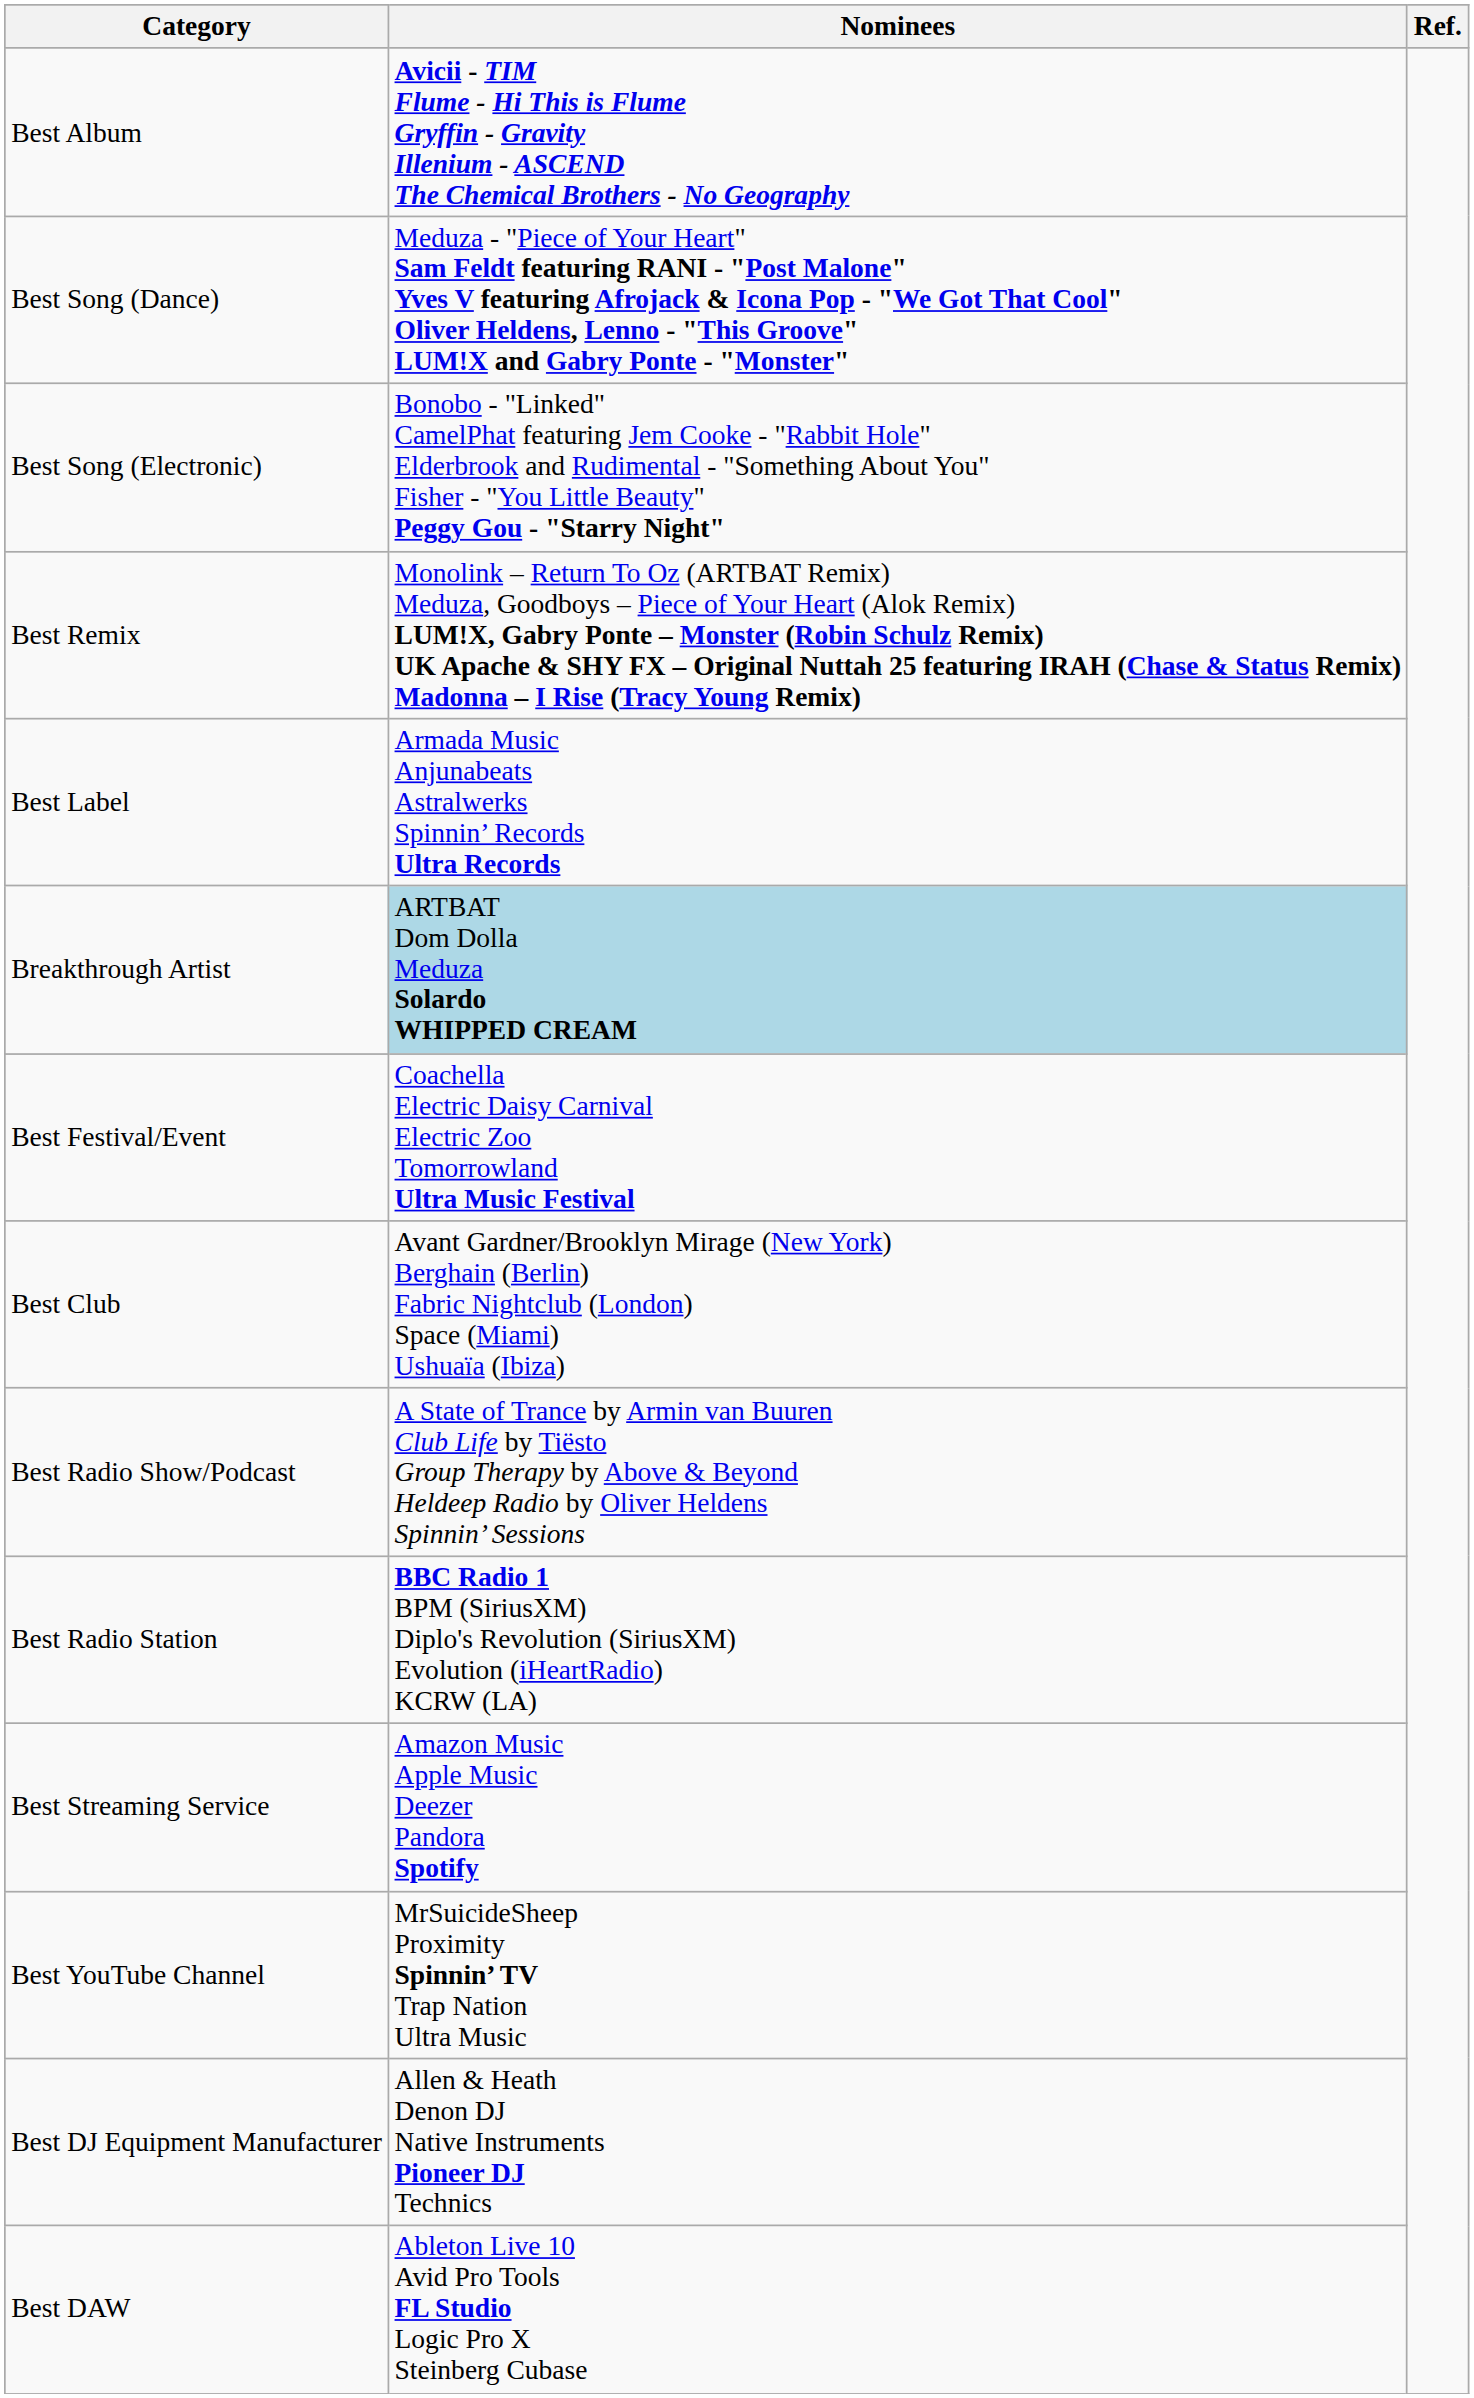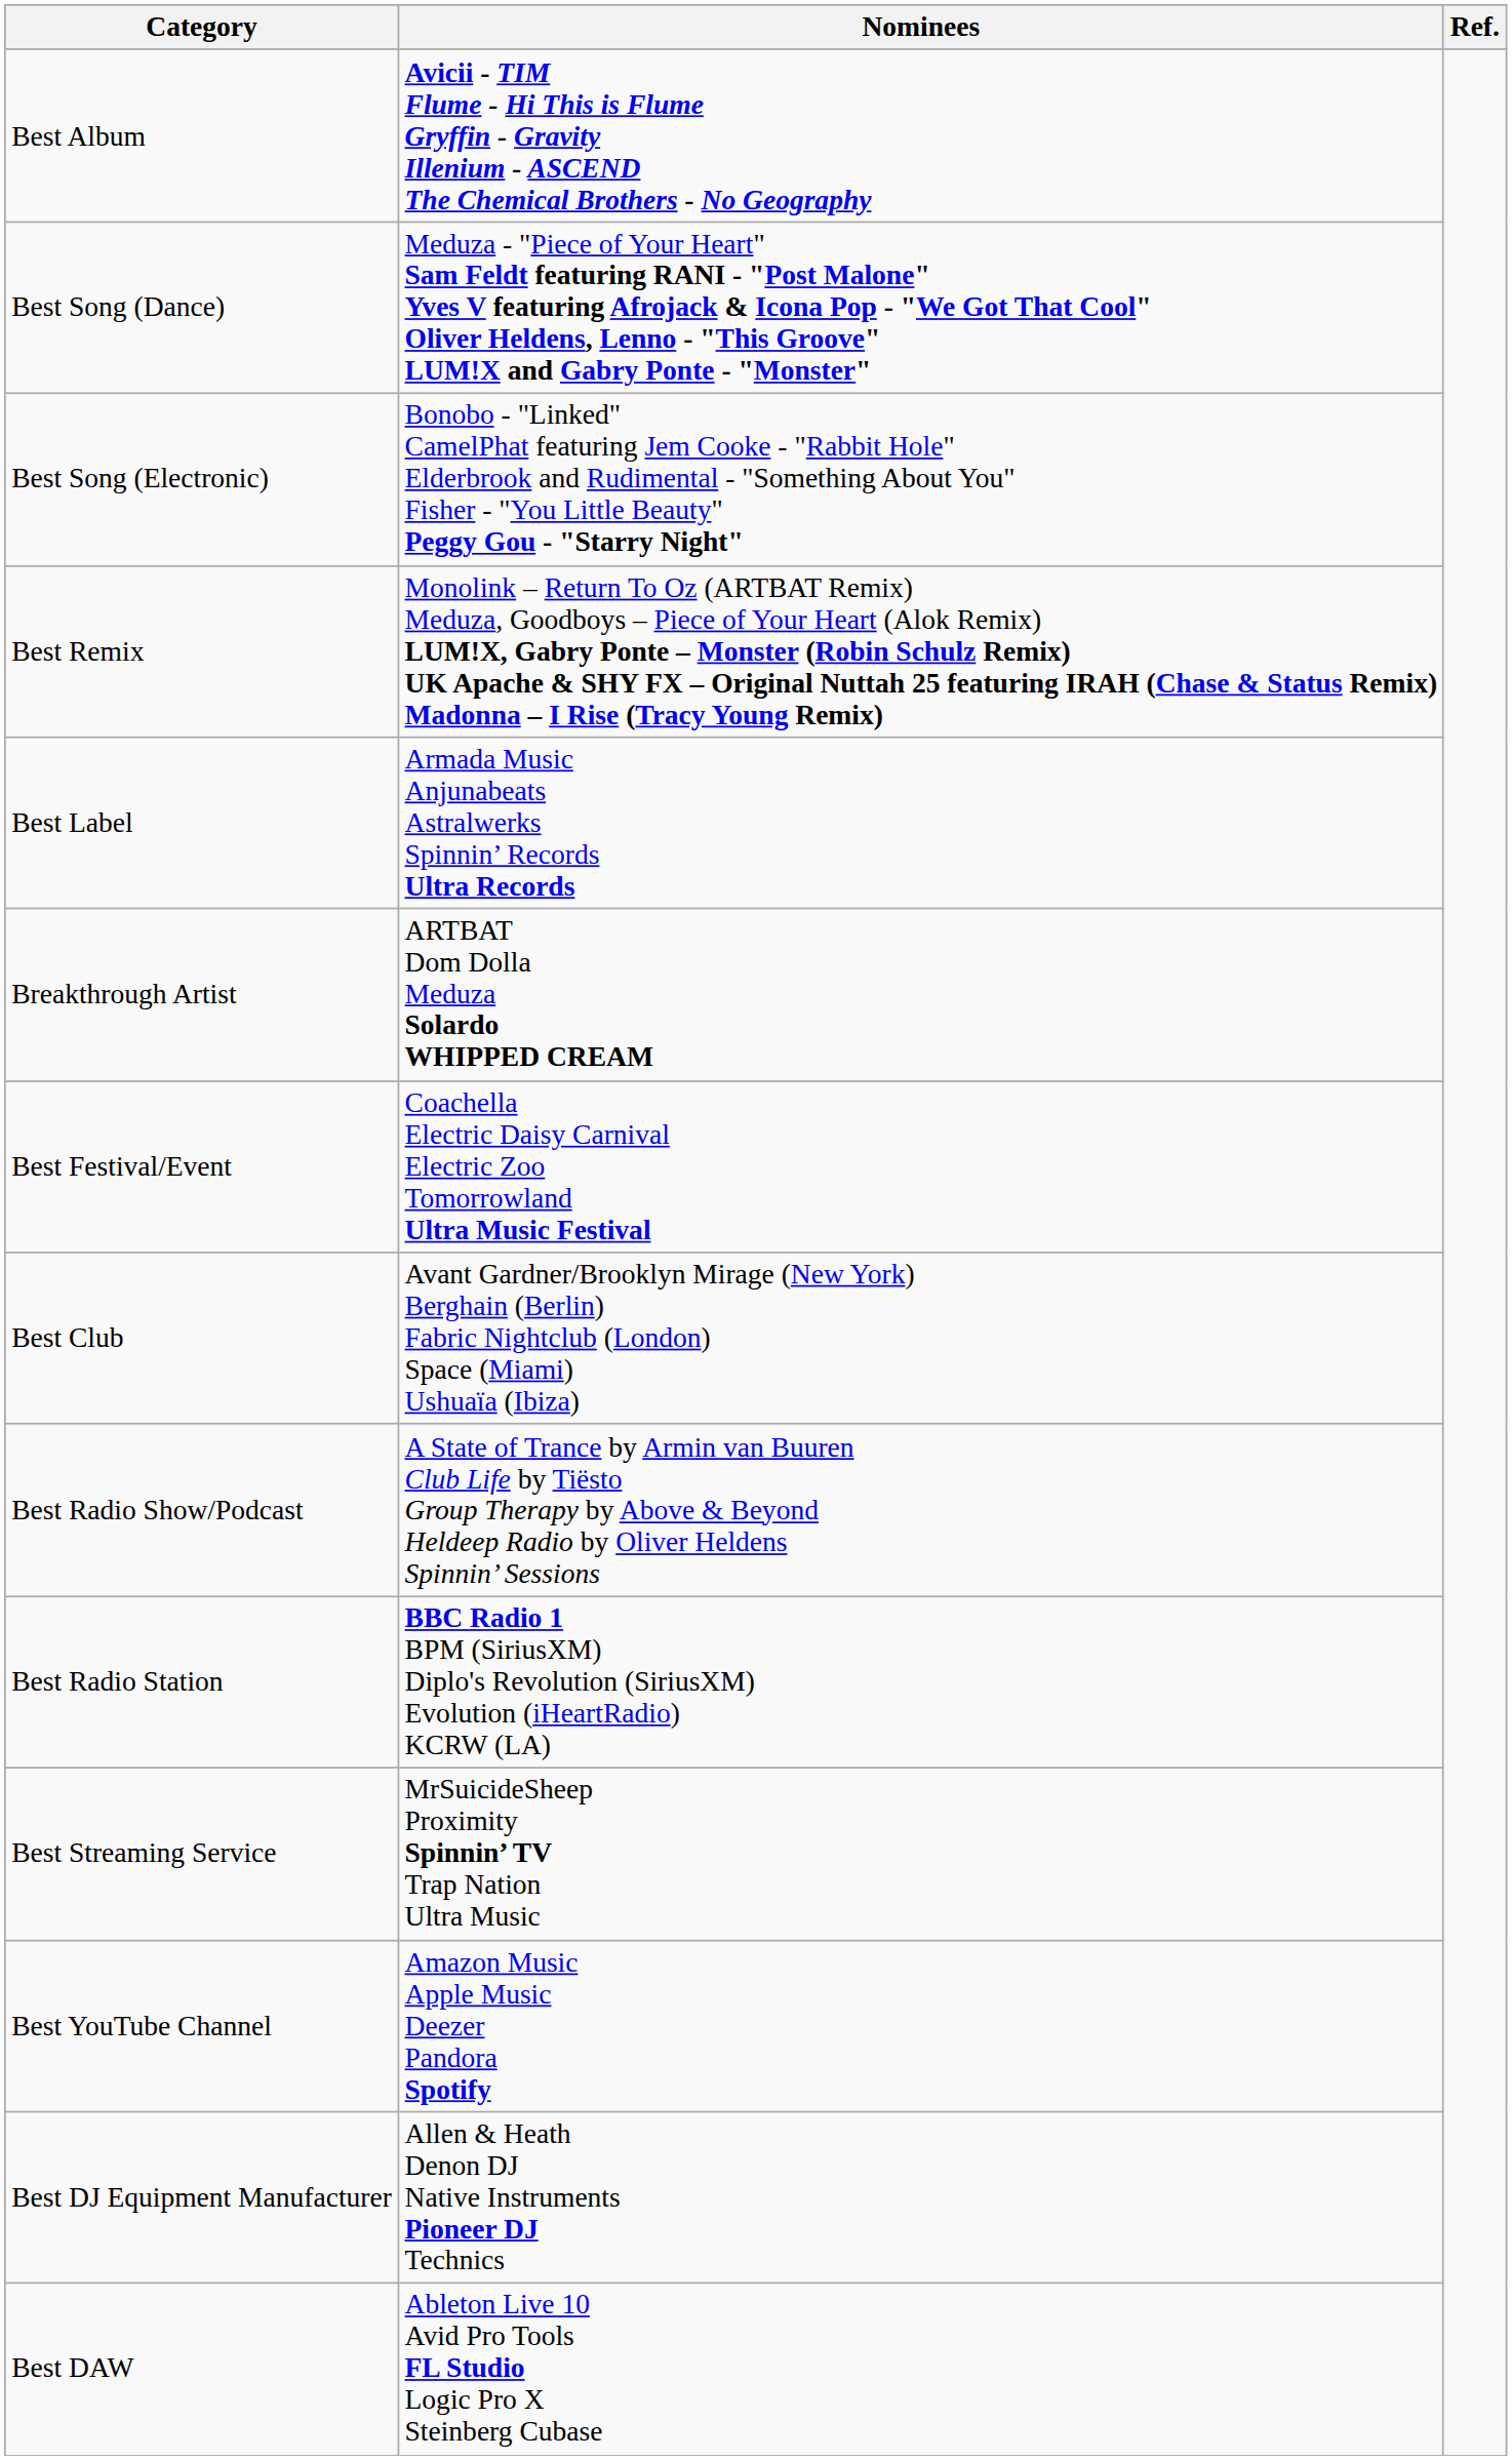 <table class="wikitable">
 <tr>
 <th>Category</th>
 <th>Nominees</th>
 <th>Ref.</th>
 </tr>
 <tr>
 <td>Best Album</td>
 <td> <strong><a href='#'>Avicii</a> - <em><a href='#'>TIM</a><strong><em><br><a href='#'>Flume</a> - </em><a href='#'>Hi This is Flume</a><em><br><a href='#'>Gryffin</a> - </em><a href='#'>Gravity</a><em><br><a href='#'>Illenium</a> - </em><a href='#'>ASCEND</a><em><br><a href='#'>The Chemical Brothers</a> - </em><a href='#'>No Geography</a><em></td>
 <td rowspan="14"><br></td>
 </tr>
 <tr>
 <td>Best Song (Dance)</td>
 <td> </strong><a href='#'>Meduza</a> - "<a href='#'>Piece of Your Heart</a>"<strong><br><a href='#'>Sam Feldt</a> featuring RANI - "<a href='#'>Post Malone</a>"<br><a href='#'>Yves V</a> featuring <a href='#'>Afrojack</a> & <a href='#'>Icona Pop</a> - "<a href='#'>We Got That Cool</a>"<br><a href='#'>Oliver Heldens</a>, <a href='#'>Lenno</a> - "<a href='#'>This Groove</a>"<br><a href='#'>LUM!X</a> and <a href='#'>Gabry Ponte</a> - "<a href='#'>Monster</a>"</td>
 </tr>
 <tr>
 <td>Best Song (Electronic)</td>
 <td><a href='#'>Bonobo</a> - "Linked"<br><a href='#'>CamelPhat</a> featuring <a href='#'>Jem Cooke</a> - "<a href='#'>Rabbit Hole</a>"<br><a href='#'>Elderbrook</a> and <a href='#'>Rudimental</a> - "Something About You"<br> </strong><a href='#'>Fisher</a> - "<a href='#'>You Little Beauty</a>"<strong><br><a href='#'>Peggy Gou</a> - "Starry Night"</td>
 </tr>
 <tr>
 <td>Best Remix</td>
 <td><a href='#'>Monolink</a> – <a href='#'>Return To Oz</a> (ARTBAT Remix)<br> </strong><a href='#'>Meduza</a>, Goodboys – <a href='#'>Piece of Your Heart</a> (Alok Remix)<strong><br>LUM!X, Gabry Ponte – <a href='#'>Monster</a> (<a href='#'>Robin Schulz</a> Remix)<br>UK Apache & SHY FX – Original Nuttah 25 featuring IRAH (<a href='#'>Chase & Status</a> Remix)<br><a href='#'>Madonna</a> – <a href='#'>I Rise</a> (<a href='#'>Tracy Young</a> Remix)</td>
 </tr>
 <tr>
 <td>Best Label</td>
 <td><a href='#'>Armada Music</a><br><a href='#'>Anjunabeats</a><br><a href='#'>Astralwerks</a><br> </strong><a href='#'>Spinnin’ Records</a><strong><br><a href='#'>Ultra Records</a></td>
 </tr>
 <tr>
 <td>Breakthrough Artist</td>
-<td style="background: lightblue;">ARTBAT<br>Dom Dolla<br> </strong><a href='#'>Meduza</a><strong><br>Solardo<br>WHIPPED CREAM</td>
+<td>ARTBAT<br>Dom Dolla<br> </strong><a href='#'>Meduza</a><strong><br>Solardo<br>WHIPPED CREAM</td>
 </tr>
 <tr>
 <td>Best Festival/Event</td>
 <td><a href='#'>Coachella</a><br><a href='#'>Electric Daisy Carnival</a><br><a href='#'>Electric Zoo</a><br> </strong><a href='#'>Tomorrowland</a><strong><br><a href='#'>Ultra Music Festival</a></td>
 </tr>
 <tr>
 <td>Best Club</td>
 <td>Avant Gardner/Brooklyn Mirage (<a href='#'>New York</a>)<br><a href='#'>Berghain</a> (<a href='#'>Berlin</a>)<br><a href='#'>Fabric Nightclub</a> (<a href='#'>London</a>)<br>Space (<a href='#'>Miami</a>)<br> </strong><a href='#'>Ushuaïa</a> (<a href='#'>Ibiza</a>)<strong></td>
 </tr>
 <tr>
 <td>Best Radio Show/Podcast</td>
 <td> </em></strong><a href='#'>A State of Trance</a></em> by <a href='#'>Armin van Buuren</a></strong><br><em><a href='#'>Club Life</a></em> by <a href='#'>Tiësto</a><br><em>Group Therapy</em> by <a href='#'>Above & Beyond</a><br><em>Heldeep Radio</em> by <a href='#'>Oliver Heldens</a><br><em>Spinnin’ Sessions</em></td>
 </tr>
 <tr>
 <td>Best Radio Station</td>
 <td> <strong><a href='#'>BBC Radio 1</a></strong><br>BPM (SiriusXM)<br>Diplo's Revolution (SiriusXM)<br>Evolution (<a href='#'>iHeartRadio</a>)<br>KCRW (LA)</td>
 </tr>
 <tr>
 <td>Best Streaming Service</td>
-<td><a href='#'>Amazon Music</a><br><a href='#'>Apple Music</a><br><a href='#'>Deezer</a><br><a href='#'>Pandora</a><br> <strong><a href='#'>Spotify</a></strong></td>
+<td>MrSuicideSheep<br>Proximity<br> <strong>Spinnin’ TV</strong><br>Trap Nation<br>Ultra Music</td>
 </tr>
 <tr>
 <td>Best YouTube Channel</td>
-<td>MrSuicideSheep<br>Proximity<br> <strong>Spinnin’ TV</strong><br>Trap Nation<br>Ultra Music</td>
+<td><a href='#'>Amazon Music</a><br><a href='#'>Apple Music</a><br><a href='#'>Deezer</a><br><a href='#'>Pandora</a><br> <strong><a href='#'>Spotify</a></strong></td>
 </tr>
 <tr>
 <td>Best DJ Equipment Manufacturer</td>
 <td>Allen & Heath<br>Denon DJ<br>Native Instruments<br> <strong><a href='#'>Pioneer DJ</a></strong><br>Technics</td>
 </tr>
 <tr>
 <td>Best DAW</td>
 <td><a href='#'>Ableton Live 10</a><br>Avid Pro Tools<br> <strong><a href='#'>FL Studio</a></strong><br>Logic Pro X<br>Steinberg Cubase</td>
 </tr>
 </table>
